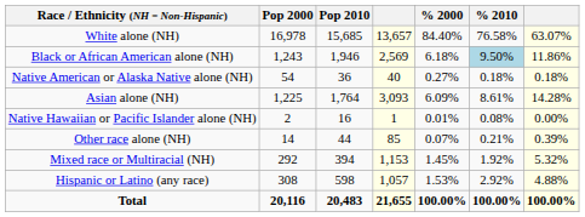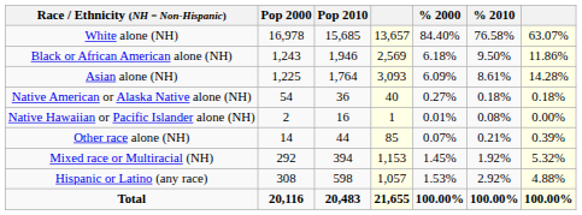 <table class="wikitable" style="text-align:center;">
 <tr>
 <th>Race / Ethnicity <small>(<em>NH = Non-Hispanic</em>)</small></th>
 <th>Pop 2000</th>
 <th>Pop 2010</th>
 <th></th>
 <th>% 2000</th>
 <th>% 2010</th>
 <th></th>
 </tr>
 <tr>
 <td><a href='#'>White</a> alone (NH)</td>
 <td>16,978</td>
 <td>15,685</td>
 <td style='background: #ffffe6;'>13,657</td>
 <td>84.40%</td>
 <td>76.58%</td>
 <td style='background: #ffffe6;'>63.07%</td>
 </tr>
 <tr>
 <td><a href='#'>Black or African American</a> alone (NH)</td>
 <td>1,243</td>
 <td>1,946</td>
 <td style='background: #ffffe6;'>2,569</td>
 <td>6.18%</td>
-<td style="background: lightblue;">9.50%</td>
+<td>9.50%</td>
 <td style='background: #ffffe6;'>11.86%</td>
+</tr>
+<tr>
+<td><a href='#'>Asian</a> alone (NH)</td>
+<td>1,225</td>
+<td>1,764</td>
+<td style='background: #ffffe6;'>3,093</td>
+<td>6.09%</td>
+<td>8.61%</td>
+<td style='background: #ffffe6;'>14.28%</td>
 </tr>
 <tr>
 <td><a href='#'>Native American</a> or <a href='#'>Alaska Native</a> alone (NH)</td>
 <td>54</td>
 <td>36</td>
 <td style='background: #ffffe6;'>40</td>
 <td>0.27%</td>
 <td>0.18%</td>
 <td style='background: #ffffe6;'>0.18%</td>
-</tr>
-<tr>
-<td><a href='#'>Asian</a> alone (NH)</td>
-<td>1,225</td>
-<td>1,764</td>
-<td style='background: #ffffe6;'>3,093</td>
-<td>6.09%</td>
-<td>8.61%</td>
-<td style='background: #ffffe6;'>14.28%</td>
 </tr>
 <tr>
 <td><a href='#'>Native Hawaiian</a> or <a href='#'>Pacific Islander</a> alone (NH)</td>
 <td>2</td>
 <td>16</td>
 <td style='background: #ffffe6;'>1</td>
 <td>0.01%</td>
 <td>0.08%</td>
 <td style='background: #ffffe6;'>0.00%</td>
 </tr>
 <tr>
 <td><a href='#'>Other race</a> alone (NH)</td>
 <td>14</td>
 <td>44</td>
 <td style='background: #ffffe6;'>85</td>
 <td>0.07%</td>
 <td>0.21%</td>
 <td style='background: #ffffe6;'>0.39%</td>
 </tr>
 <tr>
 <td><a href='#'>Mixed race or Multiracial</a> (NH)</td>
 <td>292</td>
 <td>394</td>
 <td style='background: #ffffe6;'>1,153</td>
 <td>1.45%</td>
 <td>1.92%</td>
 <td style='background: #ffffe6;'>5.32%</td>
 </tr>
 <tr>
 <td><a href='#'>Hispanic or Latino</a> (any race)</td>
 <td>308</td>
 <td>598</td>
 <td style='background: #ffffe6;'>1,057</td>
 <td>1.53%</td>
 <td>2.92%</td>
 <td style='background: #ffffe6;'>4.88%</td>
 </tr>
 <tr>
 <td><strong>Total</strong></td>
 <td><strong>20,116</strong></td>
 <td><strong>20,483</strong></td>
 <td style='background: #ffffe6;'><strong>21,655</strong></td>
 <td><strong>100.00%</strong></td>
 <td><strong>100.00%</strong></td>
 <td style='background: #ffffe6;'><strong>100.00%</strong></td>
 </tr>
 </table>
